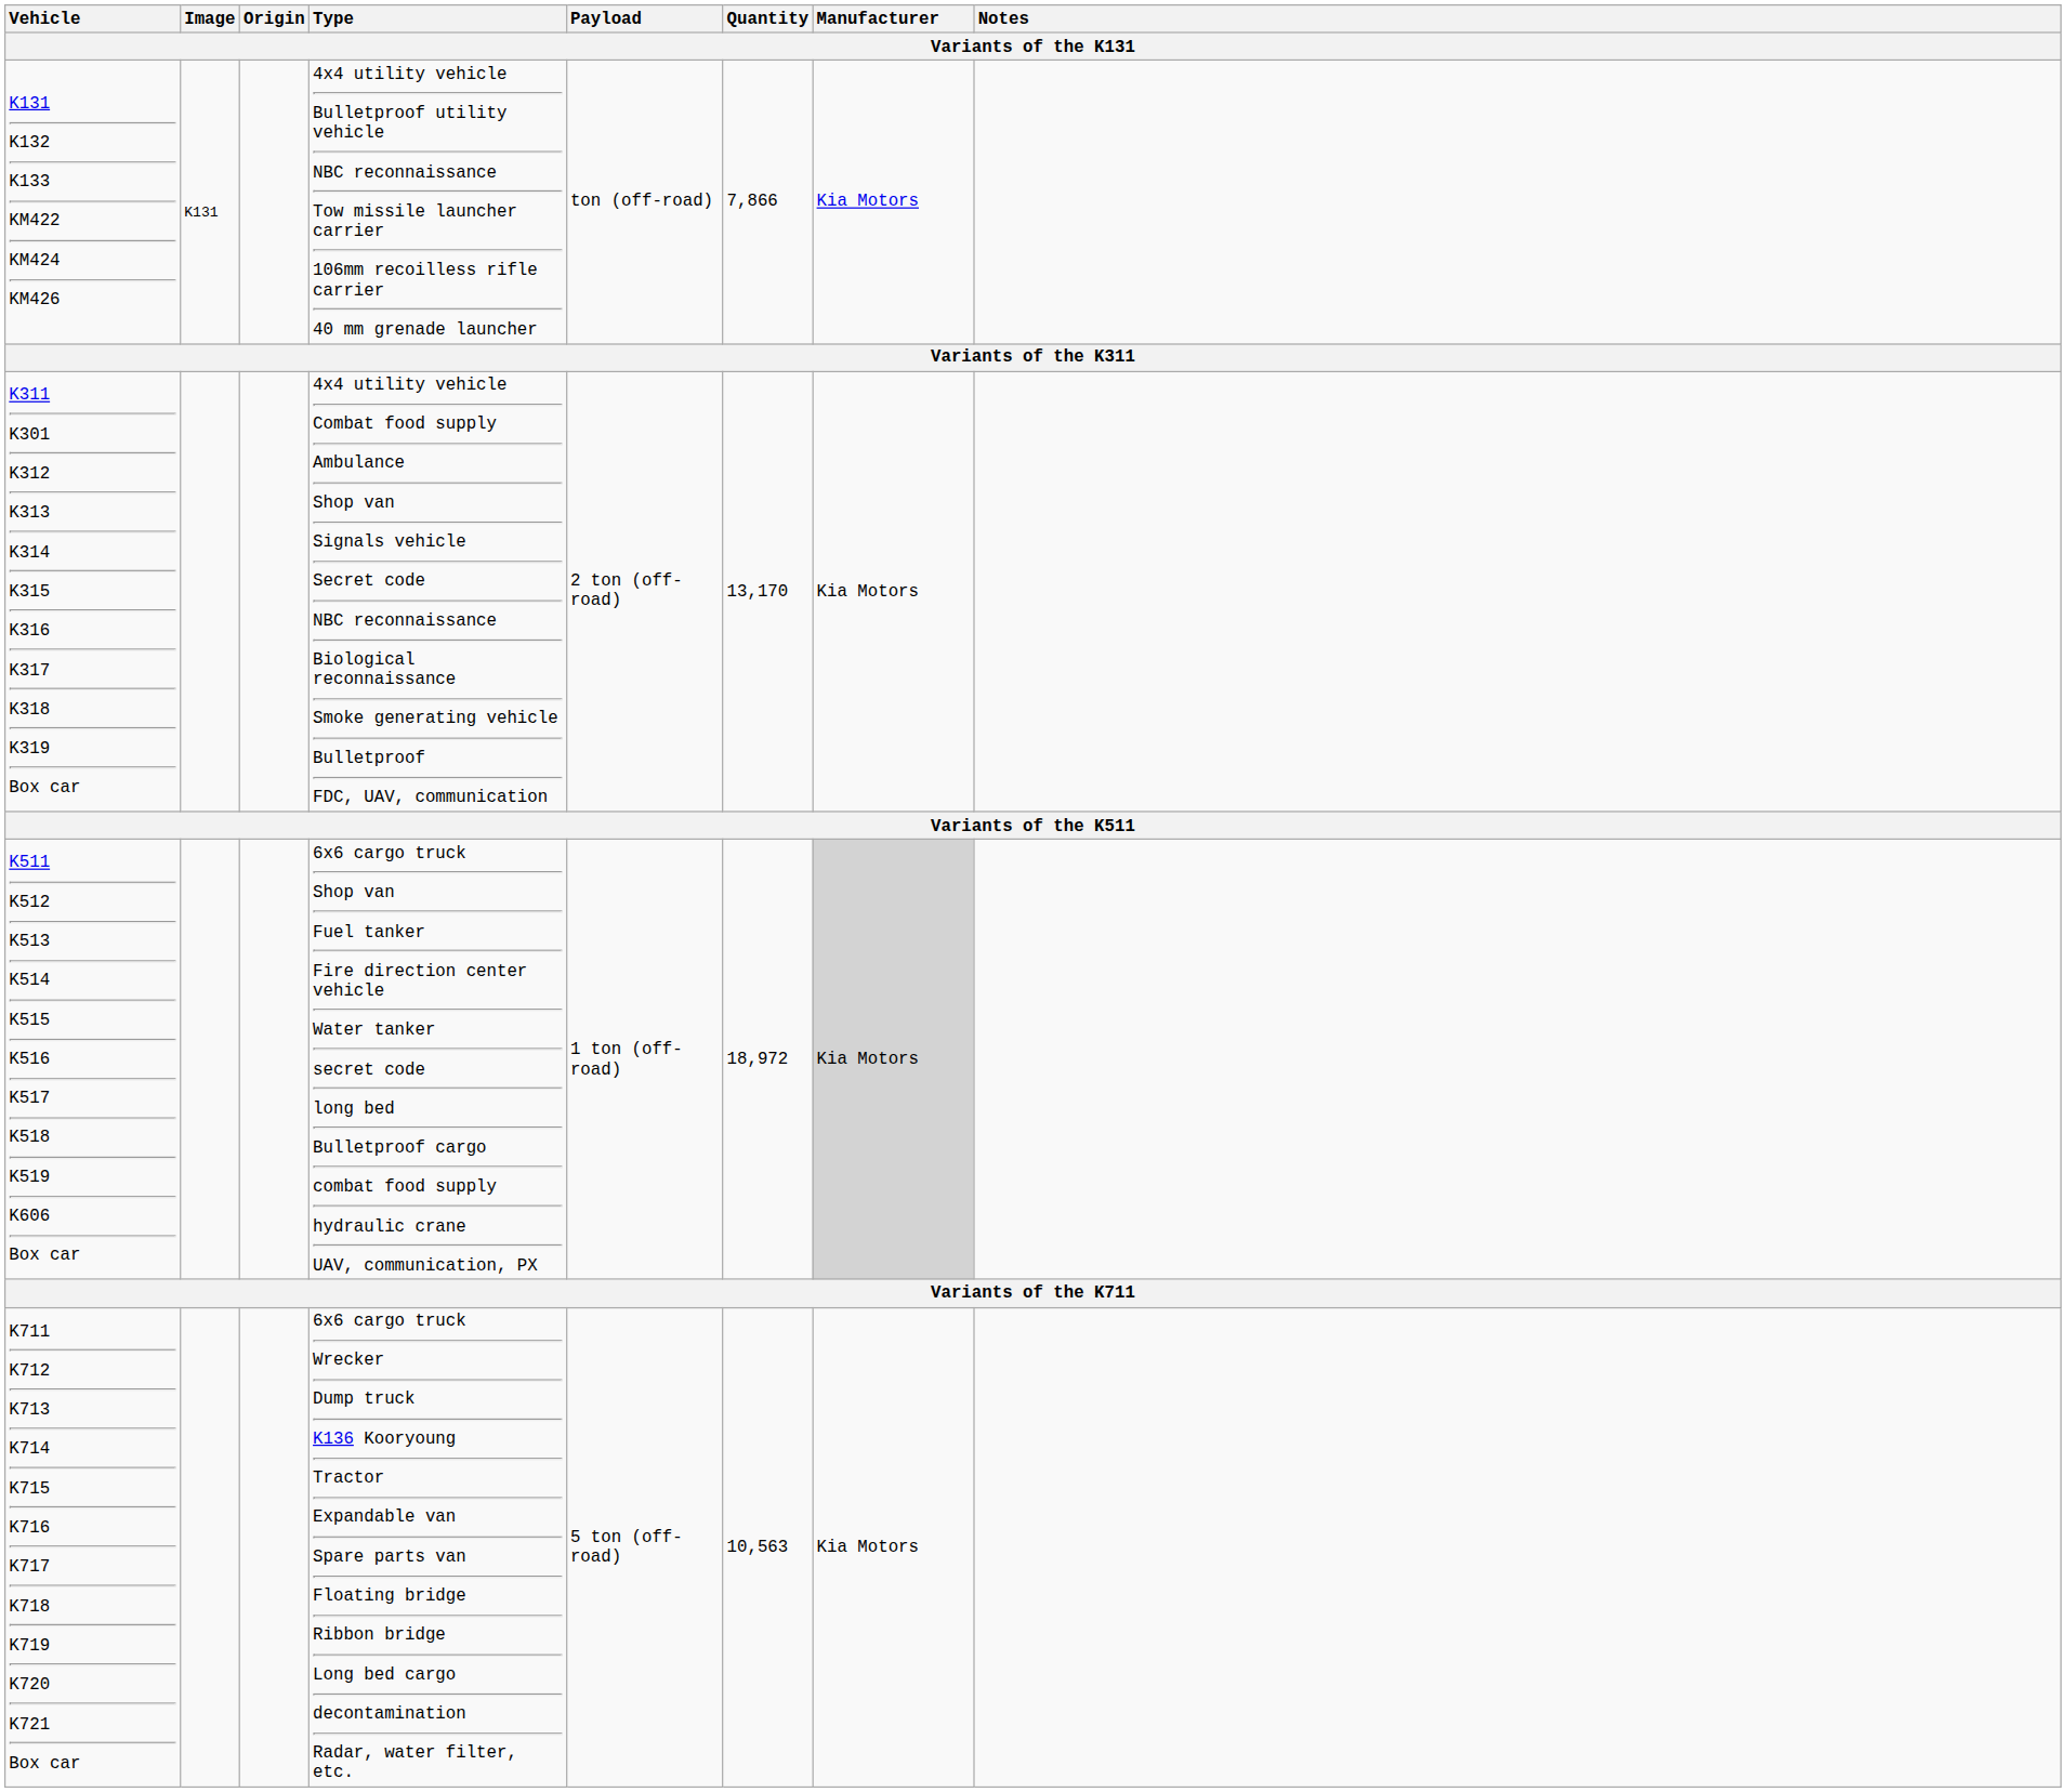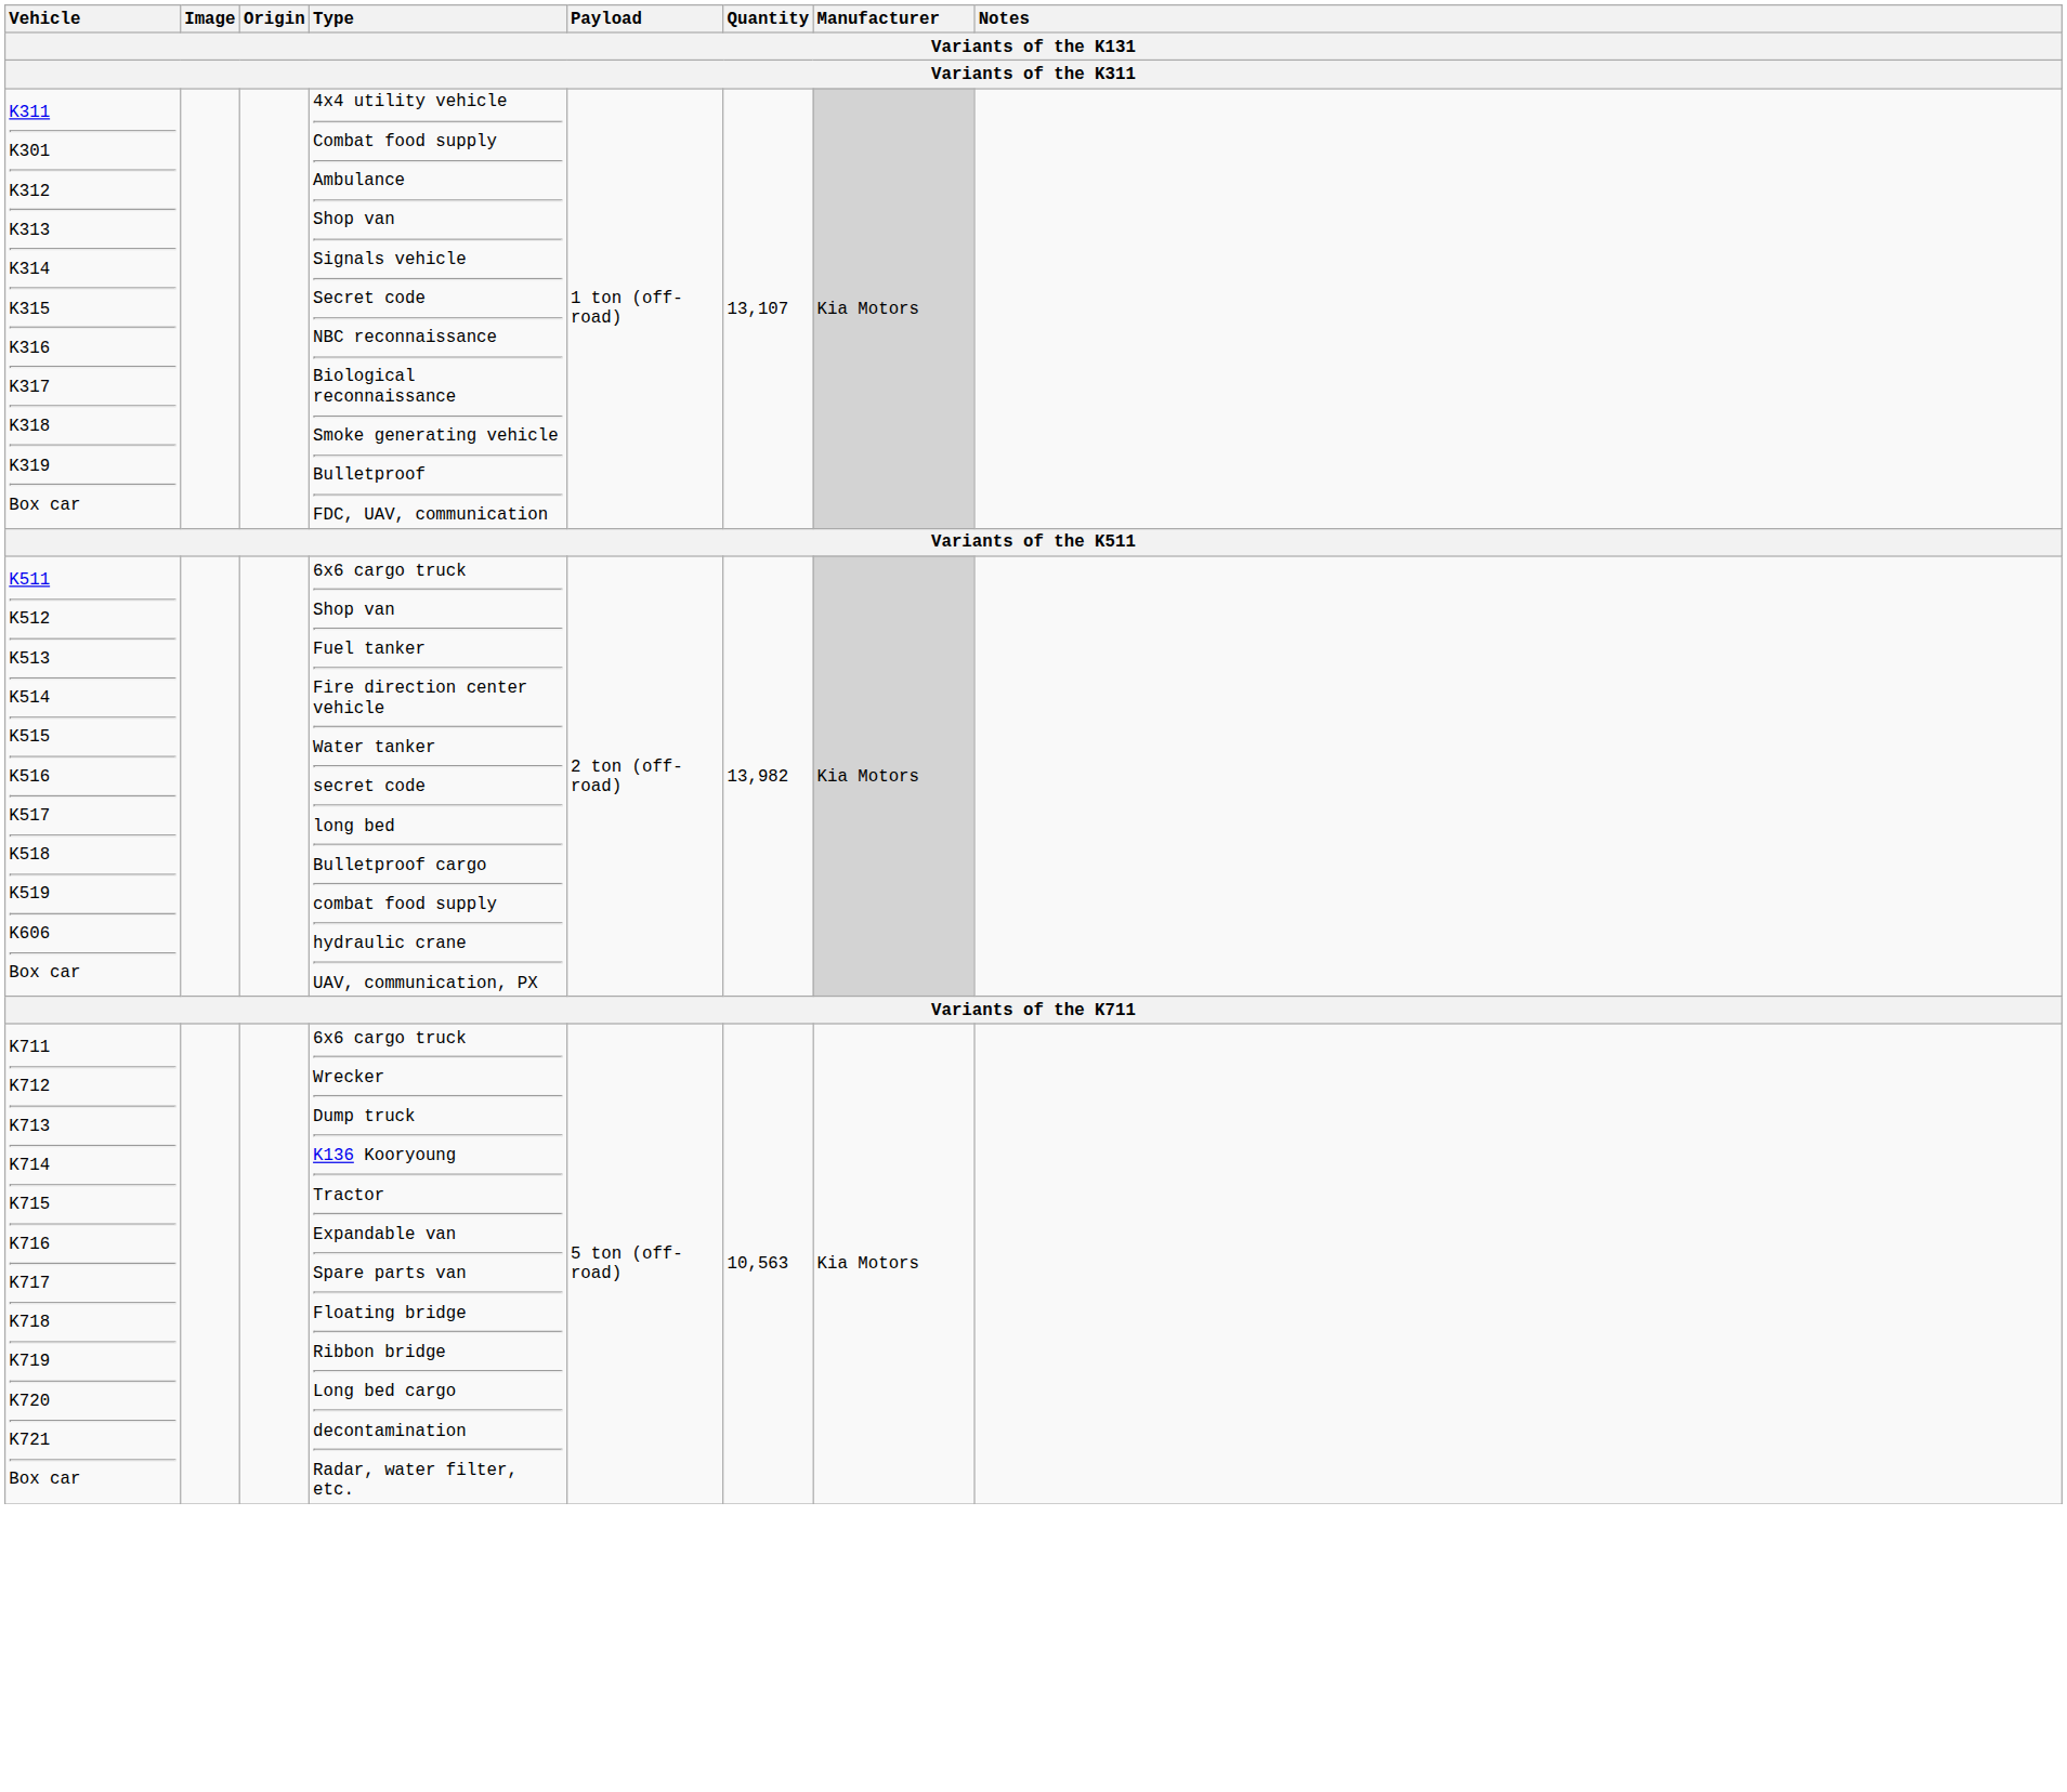 <table class="wikitable sortable">
 <tr>
 <th style="text-align:left; width:9%;">Vehicle </th>
 <th>Image</th>
 <th>Origin</th>
 <th style="text-align:left; width:13%;">Type</th>
 <th style="text-align:left; width:8%;">Payload</th>
 <th style="text-align:left; width:4%;">Quantity</th>
 <th style="text-align:left; width:8%;">Manufacturer</th>
 <th style="text-align:left; width:58%;">Notes</th>
 </tr>
 <tr>
 <th colspan="8">Variants of the K131</th>
 </tr>
 <tr>
-<td><a href='#'>K131</a><hr> K132 <hr> K133 <hr> KM422 <hr>KM424<hr>KM426</td>
-<td><br><small>K131</small></td>
-<td></td>
-<td>4x4 utility vehicle<hr>Bulletproof utility vehicle <hr>NBC reconnaissance<hr>Tow missile launcher carrier<hr>106mm recoilless rifle carrier <hr>40 mm grenade launcher</td>
-<td> ton (off-road)</td>
-<td>7,866</td>
-<td><a href='#'>Kia Motors</a></td>
-<td></td>
-</tr>
-<tr>
 <th colspan="8">Variants of the K311</th>
 </tr>
 <tr>
 <td><a href='#'>K311</a><hr> K301<hr>K312<hr>K313<hr>K314<hr>K315<hr>K316<hr>K317<hr>K318<hr>K319<hr>Box car</td>
 <td></td>
 <td></td>
 <td>4x4 utility vehicle<hr>Combat food supply <hr>Ambulance<hr>Shop van<hr>Signals vehicle<hr>Secret code<hr>NBC reconnaissance <hr>Biological reconnaissance<hr>Smoke generating vehicle<hr>Bulletproof<hr>FDC, UAV, communication</td>
-<td>2 ton (off-road)</td>
-<td>13,170</td>
-<td>Kia Motors</td>
+<td>1 ton (off-road)</td>
+<td>13,107</td>
+<td style="background: lightgrey;">Kia Motors</td>
 <td></td>
 </tr>
 <tr>
 <th colspan="8" style="align: center;">Variants of the K511</th>
 </tr>
 <tr>
 <td><a href='#'>K511</a><hr>K512<hr>K513<hr>K514<hr>K515<hr>K516<hr>K517<hr>K518<hr>K519<hr>K606<hr>Box car</td>
 <td></td>
 <td></td>
 <td>6x6 cargo truck<hr>Shop van<hr>Fuel tanker<hr>Fire direction center vehicle<hr>Water tanker <hr>secret code<hr>long bed<hr>Bulletproof cargo<hr>combat food supply <hr>hydraulic crane<hr> UAV, communication, PX</td>
-<td>1 ton (off-road)</td>
-<td>18,972</td>
+<td>2 ton (off-road)</td>
+<td>13,982</td>
 <td style="background: lightgrey;">Kia Motors</td>
 <td></td>
 </tr>
 <tr>
 <th colspan="8" style="align: center;">Variants of the K711</th>
 </tr>
 <tr>
 <td>K711<hr>K712 <hr>K713 <hr>K714 <hr>K715 <hr> K716 <hr>K717 <hr>K718 <hr>K719 <hr>K720 <hr>K721<hr>Box car</td>
 <td></td>
 <td></td>
 <td>6x6 cargo truck<hr>Wrecker <hr>Dump truck<hr><a href='#'>K136</a> Kooryoung<hr>Tractor<hr>Expandable van <hr>Spare parts van<hr>Floating bridge <hr>Ribbon bridge<hr>Long bed cargo<hr>decontamination<hr>Radar, water filter, etc.</td>
 <td>5 ton (off-road)</td>
 <td>10,563</td>
 <td>Kia Motors</td>
 <td></td>
 </tr>
 </table>
